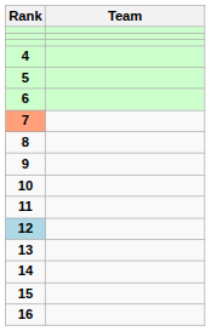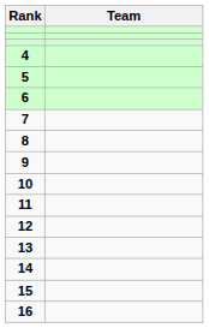 <table class="wikitable" style="text-align: center;">
 <tr>
 <th width="40">Rank</th>
 <th width="180">Team</th>
 </tr>
 <tr bgcolor="#ccffcc">
 <td></td>
 <td align="left"></td>
 </tr>
 <tr bgcolor="#ccffcc">
 <td></td>
 <td align="left"></td>
 </tr>
 <tr bgcolor="#ccffcc">
 <td></td>
 <td align="left"></td>
 </tr>
 <tr bgcolor="#ccffcc">
 <td><strong>4</strong></td>
 <td align="left"></td>
 </tr>
 <tr bgcolor="#ccffcc">
 <td><strong>5</strong></td>
 <td align="left"></td>
 </tr>
 <tr bgcolor="#ccffcc">
 <td><strong>6</strong></td>
 <td align="left"></td>
 </tr>
 <tr>
-<td style="background: lightsalmon;"><strong>7</strong></td>
+<td><strong>7</strong></td>
 <td align="left"></td>
 </tr>
 <tr>
 <td><strong>8</strong></td>
 <td align="left"></td>
 </tr>
 <tr>
 <td><strong>9</strong></td>
 <td align="left"></td>
 </tr>
 <tr>
 <td><strong>10</strong></td>
 <td align="left"></td>
 </tr>
 <tr>
 <td><strong>11</strong></td>
 <td align="left"></td>
 </tr>
 <tr>
-<td style="background: lightblue;"><strong>12</strong></td>
+<td><strong>12</strong></td>
 <td align="left"></td>
 </tr>
 <tr>
 <td><strong>13</strong></td>
 <td align="left"></td>
 </tr>
 <tr>
 <td><strong>14</strong></td>
 <td align="left"></td>
 </tr>
 <tr>
 <td><strong>15</strong></td>
 <td align="left"></td>
 </tr>
 <tr>
 <td><strong>16</strong></td>
 <td align="left"></td>
 </tr>
 </table>
